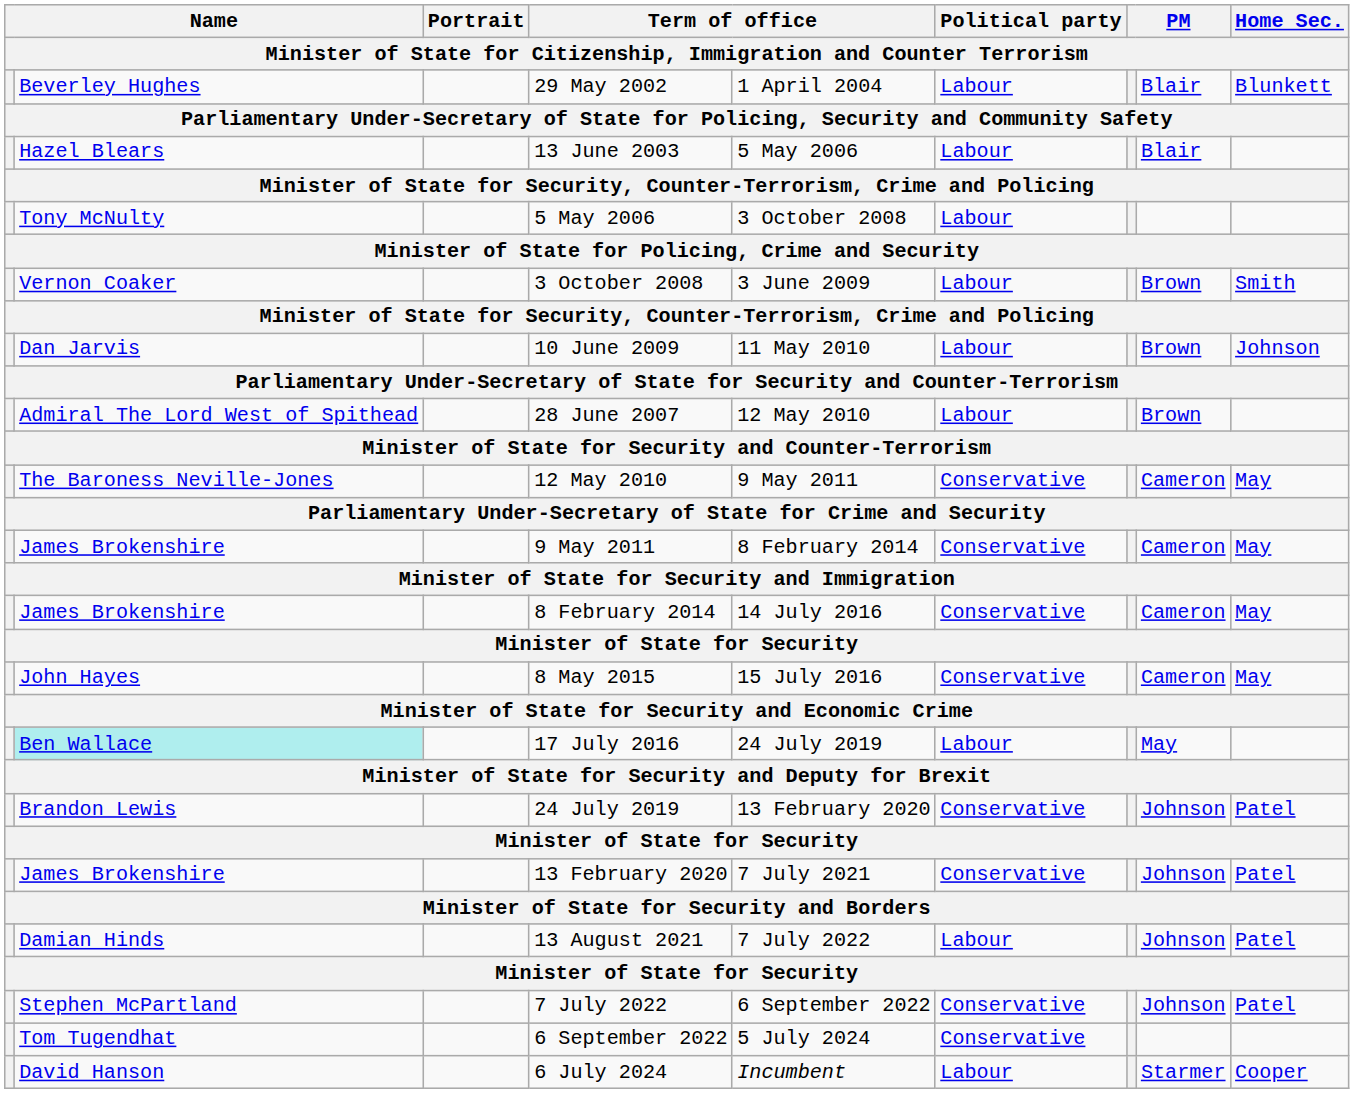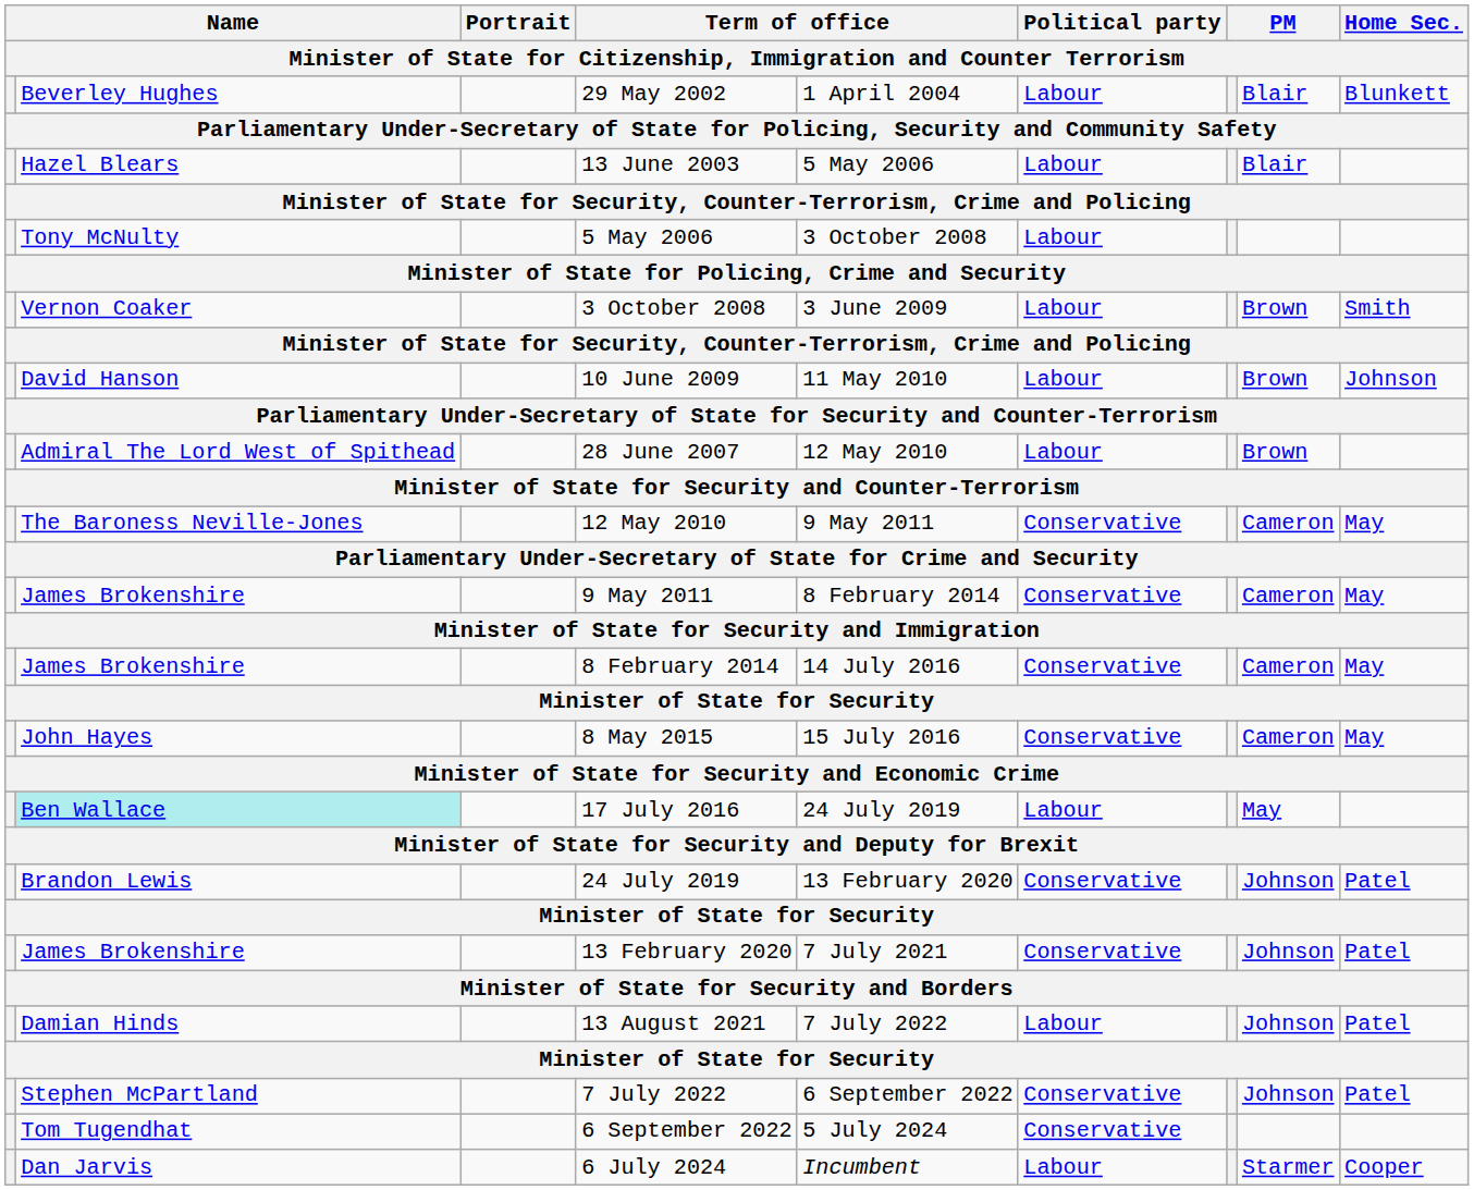 <table class="wikitable">
 <tr>
 <th colspan=2>Name</th>
 <th>Portrait</th>
 <th colspan=2>Term of office</th>
 <th>Political party</th>
 <th colspan=2><a href='#'>PM</a></th>
 <th><a href='#'>Home Sec.</a></th>
 </tr>
 <tr>
 <th colspan=9>Minister of State for Citizenship, Immigration and Counter Terrorism</th>
 </tr>
 <tr>
 <th style="background-color: "></th>
 <td><a href='#'>Beverley Hughes</a></td>
 <td></td>
 <td>29 May 2002</td>
 <td>1 April 2004</td>
 <td><a href='#'>Labour</a></td>
 <th style="background-color: "></th>
 <td><a href='#'>Blair</a></td>
 <td><a href='#'>Blunkett</a></td>
 </tr>
 <tr>
 <th colspan=9>Parliamentary Under-Secretary of State for Policing, Security and Community Safety</th>
 </tr>
 <tr>
 <th style="background-color: "></th>
 <td><a href='#'>Hazel Blears</a></td>
 <td></td>
 <td>13 June 2003</td>
 <td>5 May 2006</td>
 <td><a href='#'>Labour</a></td>
 <th style="background-color: "></th>
 <td><a href='#'>Blair</a></td>
 <td></td>
 </tr>
 <tr>
 <th colspan=9>Minister of State for Security, Counter-Terrorism, Crime and Policing</th>
 </tr>
 <tr>
 <th style="background-color: "></th>
 <td><a href='#'>Tony McNulty</a></td>
 <td></td>
 <td>5 May 2006</td>
 <td>3 October 2008</td>
 <td><a href='#'>Labour</a></td>
 <th style="background-color: "></th>
 <td></td>
 <td></td>
 </tr>
 <tr>
 <th colspan=9>Minister of State for Policing, Crime and Security</th>
 </tr>
 <tr>
 <th style="background-color: "></th>
 <td><a href='#'>Vernon Coaker</a></td>
 <td></td>
 <td>3 October 2008</td>
 <td>3 June 2009</td>
 <td><a href='#'>Labour</a></td>
 <th style="background-color: "></th>
 <td><a href='#'>Brown</a></td>
 <td><a href='#'>Smith</a></td>
 </tr>
 <tr>
 <th colspan=9>Minister of State for Security, Counter-Terrorism, Crime and Policing</th>
 </tr>
 <tr>
 <th style="background-color: "></th>
-<td><a href='#'>Dan Jarvis</a></td>
+<td><a href='#'>David Hanson</a></td>
 <td></td>
 <td>10 June 2009</td>
 <td>11 May 2010</td>
 <td><a href='#'>Labour</a></td>
 <th style="background-color: "></th>
 <td><a href='#'>Brown</a></td>
 <td><a href='#'>Johnson</a></td>
 </tr>
 <tr>
 <th colspan=9>Parliamentary Under-Secretary of State for Security and Counter-Terrorism</th>
 </tr>
 <tr>
 <th style="background-color: "></th>
 <td><a href='#'>Admiral The Lord West of Spithead</a></td>
 <td></td>
 <td>28 June 2007</td>
 <td>12 May 2010</td>
 <td><a href='#'>Labour</a></td>
 <th style="background-color: "></th>
 <td><a href='#'>Brown</a></td>
 <td></td>
 </tr>
 <tr>
 <th colspan=9>Minister of State for Security and Counter-Terrorism</th>
 </tr>
 <tr>
 <th style="background-color: "></th>
 <td><a href='#'>The Baroness Neville-Jones</a></td>
 <td></td>
 <td>12 May 2010</td>
 <td>9 May 2011</td>
 <td><a href='#'>Conservative</a></td>
 <th style="background-color: "></th>
 <td><a href='#'>Cameron</a></td>
 <td><a href='#'>May</a></td>
 </tr>
 <tr>
 <th colspan=9>Parliamentary Under-Secretary of State for Crime and Security</th>
 </tr>
 <tr>
 <th style="background-color: "></th>
 <td><a href='#'>James Brokenshire</a></td>
 <td></td>
 <td>9 May 2011</td>
 <td>8 February 2014</td>
 <td><a href='#'>Conservative</a></td>
 <th style="background-color: "></th>
 <td><a href='#'>Cameron</a></td>
 <td><a href='#'>May</a></td>
 </tr>
 <tr>
 <th colspan=9>Minister of State for Security and Immigration</th>
 </tr>
 <tr>
 <th style="background-color: "></th>
 <td><a href='#'>James Brokenshire</a></td>
 <td></td>
 <td>8 February 2014</td>
 <td>14 July 2016</td>
 <td><a href='#'>Conservative</a></td>
 <th style="background-color: "></th>
 <td><a href='#'>Cameron</a></td>
 <td><a href='#'>May</a></td>
 </tr>
 <tr>
 <th colspan=9>Minister of State for Security</th>
 </tr>
 <tr>
 <th style="background-color: "></th>
 <td><a href='#'>John Hayes</a></td>
 <td></td>
 <td>8 May 2015</td>
 <td>15 July 2016</td>
 <td><a href='#'>Conservative</a></td>
 <th style="background-color: "></th>
 <td><a href='#'>Cameron</a></td>
 <td><a href='#'>May</a></td>
 </tr>
 <tr>
 <th colspan=9>Minister of State for Security and Economic Crime</th>
 </tr>
 <tr>
 <th style="background-color: "></th>
 <td style="background: paleturquoise;"><a href='#'>Ben Wallace</a></td>
 <td></td>
 <td>17 July 2016</td>
 <td>24 July 2019</td>
 <td><a href='#'>Labour</a></td>
 <th style="background-color: "></th>
 <td><a href='#'>May</a></td>
 <td></td>
 </tr>
 <tr>
 <th colspan=9>Minister of State for Security and Deputy for Brexit</th>
 </tr>
 <tr>
 <th style="background-color: "></th>
 <td><a href='#'>Brandon Lewis</a></td>
 <td></td>
 <td>24 July 2019</td>
 <td>13 February 2020</td>
 <td><a href='#'>Conservative</a></td>
 <th style="background-color: "></th>
 <td><a href='#'>Johnson</a></td>
 <td><a href='#'>Patel</a></td>
 </tr>
 <tr>
 <th colspan=9>Minister of State for Security</th>
 </tr>
 <tr>
 <th style="background-color: "></th>
 <td><a href='#'>James Brokenshire</a></td>
 <td></td>
 <td>13 February 2020</td>
 <td>7 July 2021</td>
 <td><a href='#'>Conservative</a></td>
 <th style="background-color: "></th>
 <td><a href='#'>Johnson</a></td>
 <td><a href='#'>Patel</a></td>
 </tr>
 <tr>
 <th colspan=9>Minister of State for Security and Borders</th>
 </tr>
 <tr>
 <th style="background-color: "></th>
 <td><a href='#'>Damian Hinds</a></td>
 <td></td>
 <td>13 August 2021</td>
 <td>7 July 2022</td>
 <td><a href='#'>Labour</a></td>
 <th style="background-color: "></th>
 <td><a href='#'>Johnson</a></td>
 <td><a href='#'>Patel</a></td>
 </tr>
 <tr>
 <th colspan=9>Minister of State for Security</th>
 </tr>
 <tr>
 <th style="background-color: "></th>
 <td><a href='#'>Stephen McPartland</a></td>
 <td></td>
 <td>7 July 2022</td>
 <td>6 September 2022</td>
 <td><a href='#'>Conservative</a></td>
 <th style="background-color: "></th>
 <td><a href='#'>Johnson</a></td>
 <td><a href='#'>Patel</a></td>
 </tr>
 <tr>
 <th style="background-color: "></th>
 <td><a href='#'>Tom Tugendhat</a></td>
 <td></td>
 <td>6 September 2022</td>
 <td>5 July 2024</td>
 <td><a href='#'>Conservative</a></td>
 <th style="background-color: "></th>
 <td></td>
 <td></td>
 </tr>
 <tr>
 <th style="background-color: "></th>
-<td><a href='#'>David Hanson</a></td>
+<td><a href='#'>Dan Jarvis</a></td>
 <td></td>
 <td>6 July 2024</td>
 <td><em>Incumbent</em></td>
 <td><a href='#'>Labour</a></td>
 <th style="background-color: "></th>
 <td><a href='#'>Starmer</a></td>
 <td><a href='#'>Cooper</a></td>
 </tr>
 </table>
